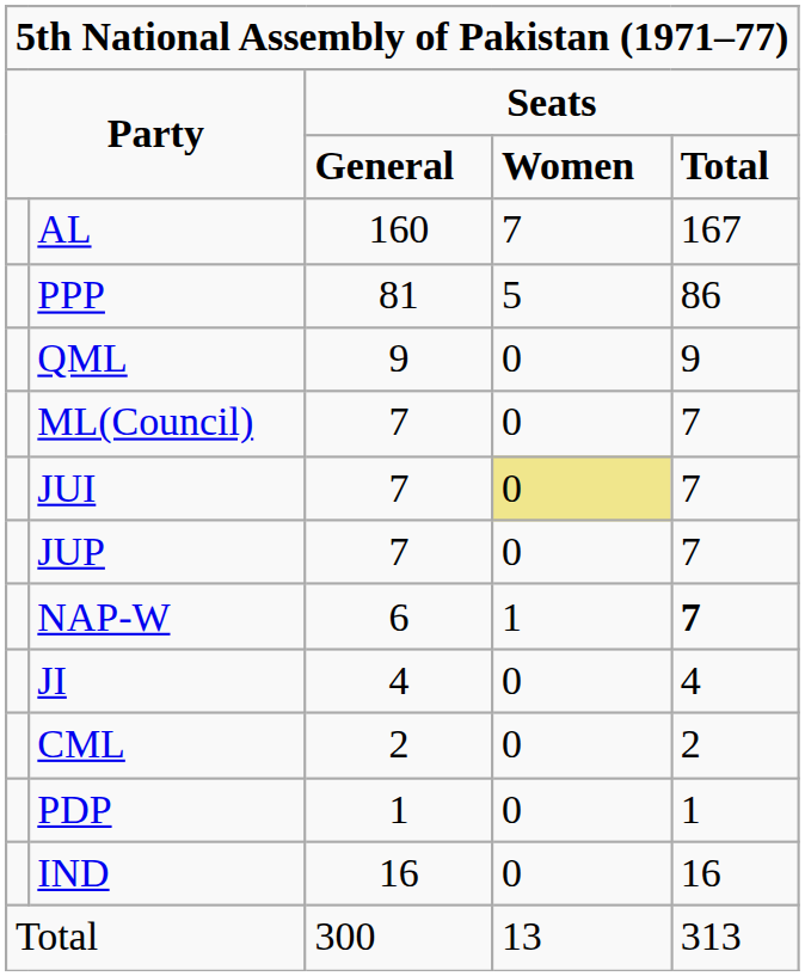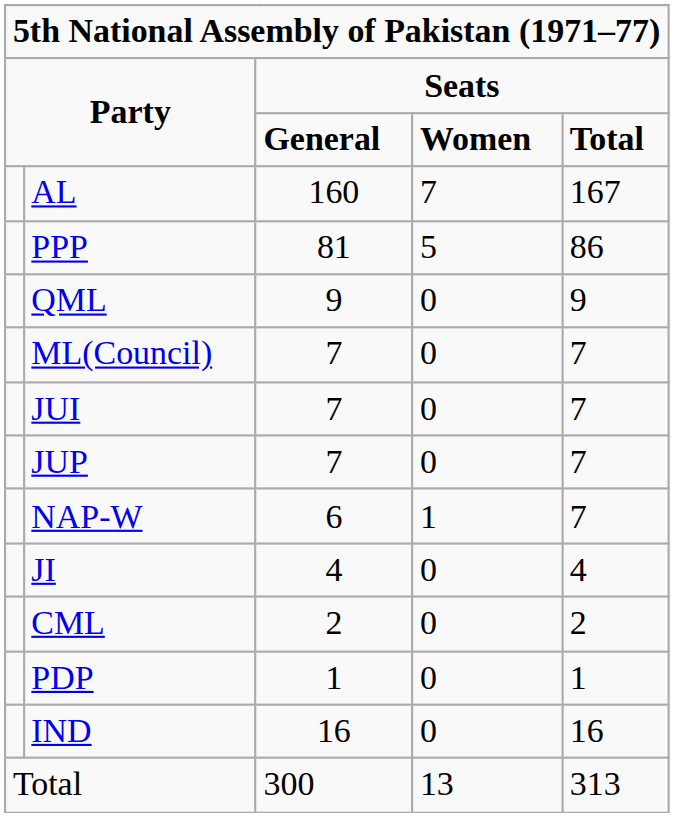 <table class ="wikitable floatright">
 <tr>
 <td colspan="6" style="text-align: center"><strong>5th National Assembly of Pakistan (1971–77)</strong></td>
 </tr>
 <tr>
 <td colspan="2" rowspan="2" style="text-align: center"><strong>Party</strong></td>
 <td colspan="4" style="text-align: center"><strong>Seats</strong></td>
 </tr>
 <tr>
 <td><strong>General</strong></td>
 <td><strong>Women</strong></td>
 <td><strong>Total</strong></td>
 </tr>
 <tr>
 <td style="background-color: "></td>
 <td><a href='#'>AL</a></td>
 <td style="text-align: center">160</td>
 <td>7</td>
 <td>167</td>
 </tr>
 <tr>
 <td style="background-color: "></td>
 <td><a href='#'>PPP</a></td>
 <td style="text-align: center">81</td>
 <td>5</td>
 <td>86</td>
 </tr>
 <tr>
 <td></td>
 <td><a href='#'>QML</a></td>
 <td style="text-align: center">9</td>
 <td>0</td>
 <td>9</td>
 </tr>
 <tr>
 <td></td>
 <td><a href='#'>ML(Council)</a></td>
 <td style="text-align: center">7</td>
 <td>0</td>
 <td>7</td>
 </tr>
 <tr>
 <td></td>
 <td><a href='#'>JUI</a></td>
 <td style="text-align: center">7</td>
-<td style="background: khaki;">0</td>
+<td>0</td>
 <td>7</td>
 </tr>
 <tr>
 <td></td>
 <td><a href='#'>JUP</a></td>
 <td style="text-align: center">7</td>
 <td>0</td>
 <td>7</td>
 </tr>
 <tr>
 <td></td>
 <td><a href='#'>NAP-W</a></td>
 <td style="text-align: center">6</td>
 <td>1</td>
-<td><strong>7</strong></td>
+<td>7</td>
 </tr>
 <tr>
 <td style="background-color: "></td>
 <td><a href='#'>JI</a></td>
 <td style="text-align: center">4</td>
 <td>0</td>
 <td>4</td>
 </tr>
 <tr>
 <td></td>
 <td><a href='#'>CML</a></td>
 <td style="text-align: center">2</td>
 <td>0</td>
 <td>2</td>
 </tr>
 <tr>
 <td></td>
 <td><a href='#'>PDP</a></td>
 <td style="text-align: center">1</td>
 <td>0</td>
 <td>1</td>
 </tr>
 <tr>
 <td style="background-color: "></td>
 <td><a href='#'>IND</a></td>
 <td style="text-align: center">16</td>
 <td>0</td>
 <td>16</td>
 </tr>
 <tr>
 <td colspan="2">Total</td>
 <td>300</td>
 <td>13</td>
 <td>313</td>
 </tr>
 </table>
